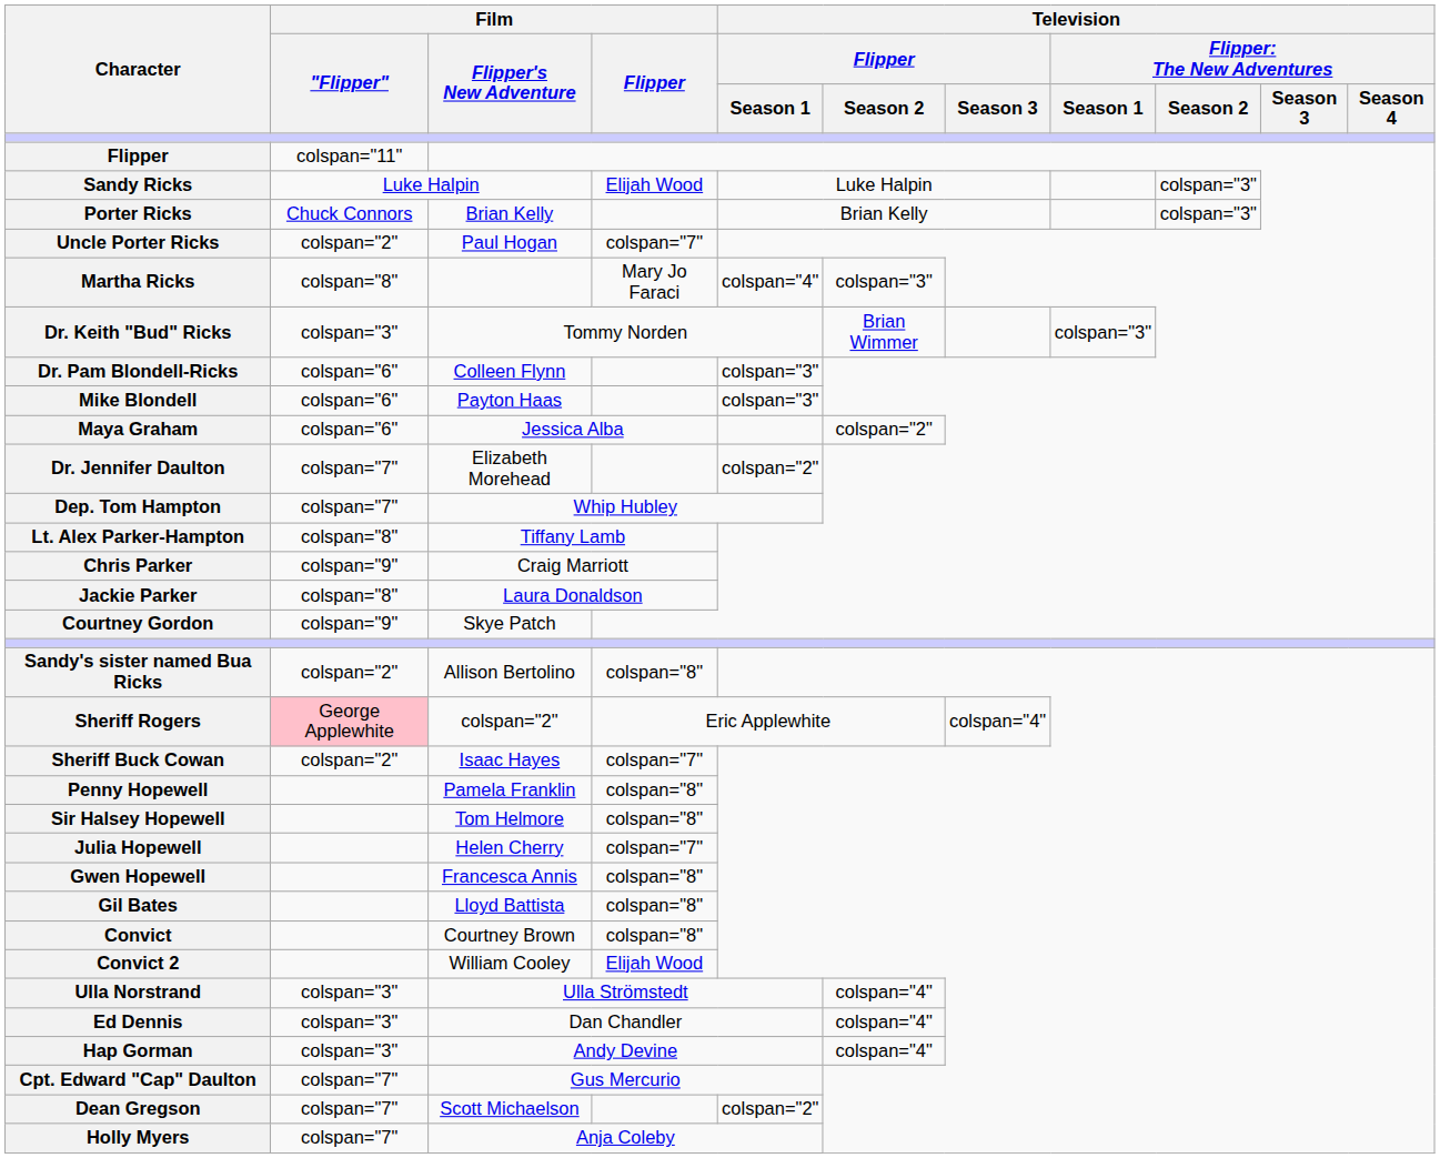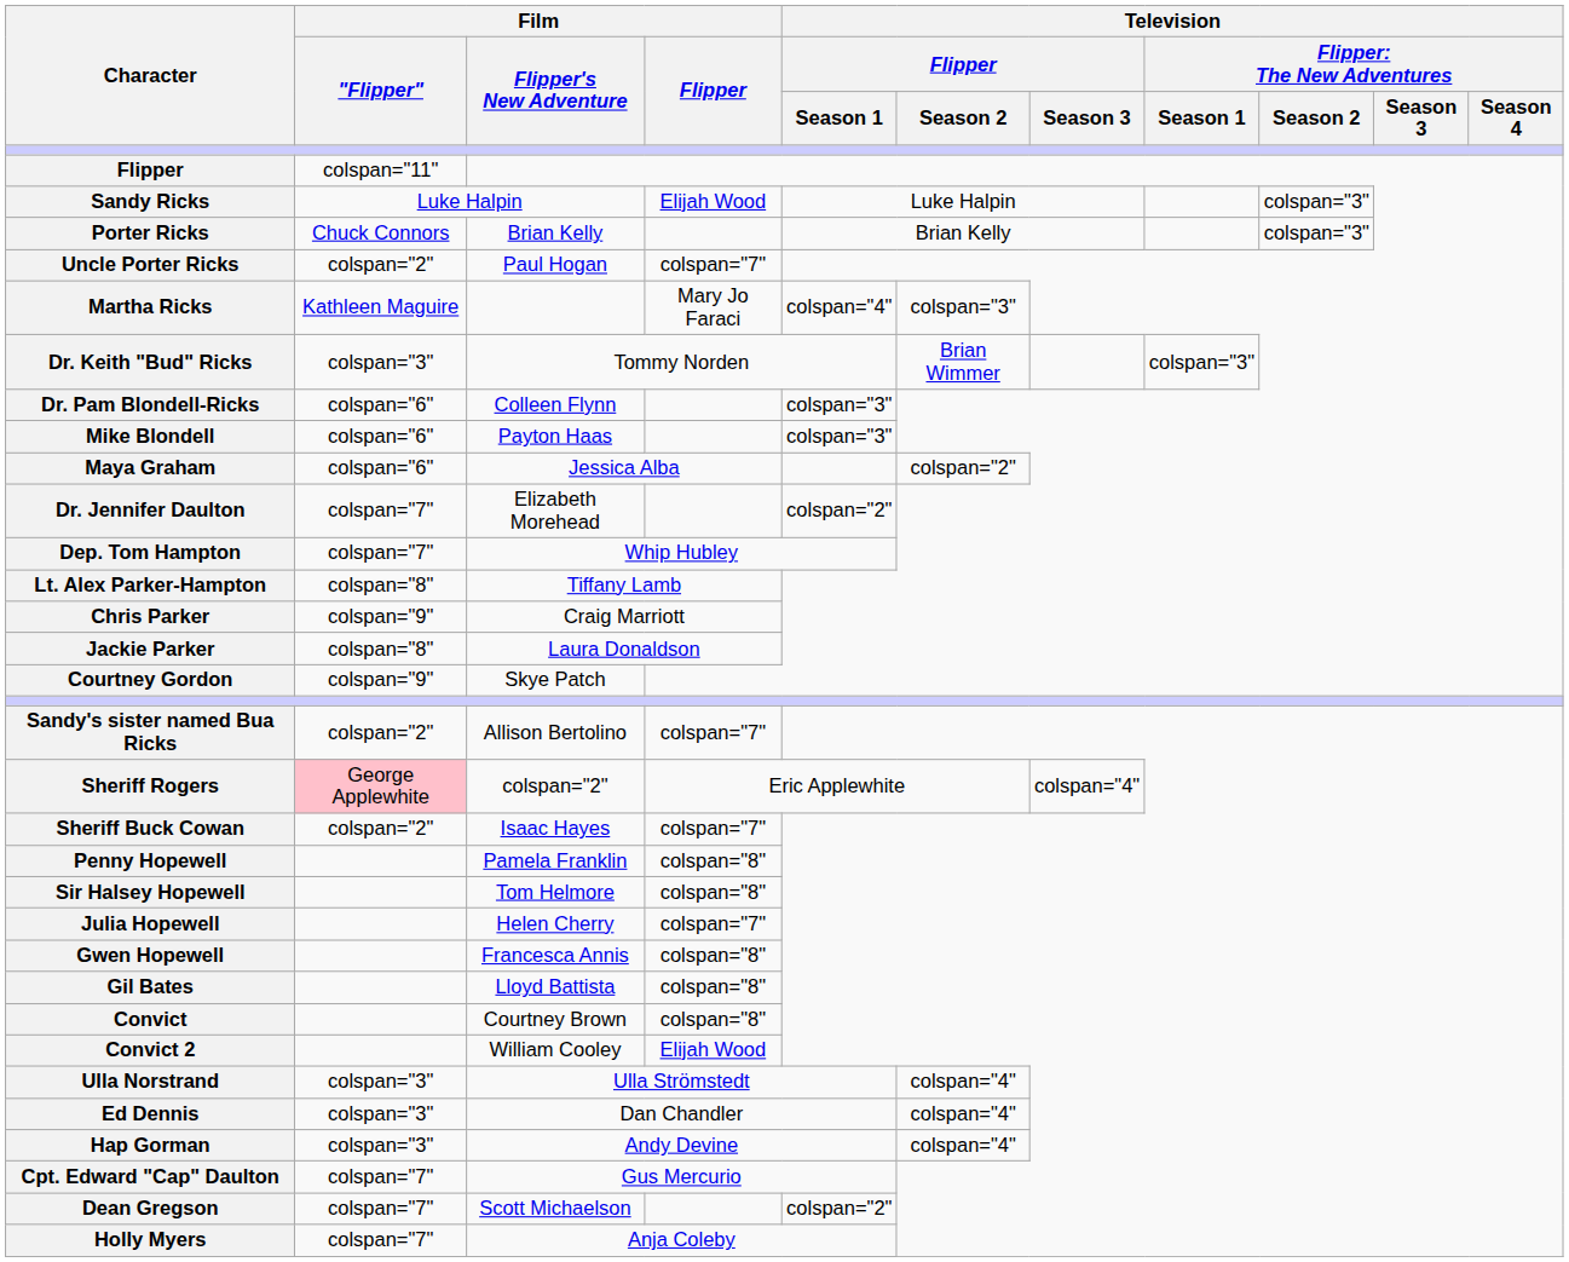 <table class="wikitable" style="text-align:center; width:99%;">
 <tr>
 <th rowspan="3">Character</th>
 <th colspan="3" style="text-align:center;">Film</th>
 <th style="text-align:center;"colspan="7">Television</th>
 </tr>
 <tr>
 <th style="text-align:center;" rowspan="2"><em><a href='#'>"Flipper"</a></em></th>
 <th style="text-align:center;" rowspan="2"><em><a href='#'>Flipper's <br>New Adventure</a></em></th>
 <th style="text-align:center;" rowspan="2"><em><a href='#'>Flipper</a></em></th>
 <th style="text-align:center;" colspan="3"><em><a href='#'>Flipper</a></em> <br></th>
 <th style="text-align:center;" colspan="4"><em><a href='#'>Flipper: <br>The New Adventures</a></em> <br></th>
 </tr>
 <tr>
 <th style="text-align:center;">Season 1</th>
 <th style="text-align:center;">Season 2</th>
 <th style="text-align:center;">Season 3</th>
 <th style="text-align:center;">Season 1</th>
 <th style="text-align:center;">Season 2</th>
 <th style="text-align:center;">Season 3</th>
 <th style="text-align:center;">Season 4</th>
 </tr>
 <tr>
 <th style="background-color:#ccccff;" colspan="11"></th>
 </tr>
 <tr>
 <th scope="row">Flipper</th>
 <td>colspan="11" </td>
 </tr>
 <tr>
 <th scope="row">Sandy Ricks</th>
 <td colspan="2"><a href='#'>Luke Halpin</a></td>
 <td><a href='#'>Elijah Wood</a></td>
 <td colspan="3">Luke Halpin</td>
 <td></td>
 <td>colspan="3" </td>
 </tr>
 <tr>
 <th scope="row">Porter Ricks</th>
 <td><a href='#'>Chuck Connors</a></td>
 <td><a href='#'>Brian Kelly</a></td>
 <td></td>
 <td colspan="3">Brian Kelly</td>
 <td></td>
 <td>colspan="3" </td>
 </tr>
 <tr>
 <th scope="row">Uncle Porter Ricks</th>
 <td>colspan="2" </td>
 <td><a href='#'>Paul Hogan</a></td>
 <td>colspan="7" </td>
 </tr>
 <tr>
 <th scope="row">Martha Ricks</th>
-<td>colspan="8" </td>
+<td><a href='#'>Kathleen Maguire</a></td>
 <td></td>
 <td>Mary Jo Faraci</td>
 <td>colspan="4" </td>
 <td>colspan="3" </td>
 </tr>
 <tr>
 <th scope="row">Dr. Keith "Bud" Ricks</th>
 <td>colspan="3" </td>
 <td colspan="3">Tommy Norden</td>
 <td><a href='#'>Brian Wimmer</a></td>
 <td></td>
 <td>colspan="3" </td>
 </tr>
 <tr>
 <th scope="row">Dr. Pam Blondell-Ricks</th>
 <td>colspan="6" </td>
 <td><a href='#'>Colleen Flynn</a></td>
 <td></td>
 <td>colspan="3" </td>
 </tr>
 <tr>
 <th scope="row">Mike Blondell</th>
 <td>colspan="6" </td>
 <td><a href='#'>Payton Haas</a></td>
 <td></td>
 <td>colspan="3" </td>
 </tr>
 <tr>
 <th scope="row">Maya Graham</th>
 <td>colspan="6" </td>
 <td colspan="2"><a href='#'>Jessica Alba</a></td>
 <td></td>
 <td>colspan="2" </td>
 </tr>
 <tr>
 <th scope="row">Dr. Jennifer Daulton</th>
 <td>colspan="7" </td>
 <td>Elizabeth Morehead</td>
 <td></td>
 <td>colspan="2" </td>
 </tr>
 <tr>
 <th scope="row">Dep. Tom Hampton</th>
 <td>colspan="7" </td>
 <td colspan="3"><a href='#'>Whip Hubley</a></td>
 </tr>
 <tr>
 <th scope="row">Lt. Alex Parker-Hampton</th>
 <td>colspan="8" </td>
 <td colspan="2"><a href='#'>Tiffany Lamb</a></td>
 </tr>
 <tr>
 <th scope="row">Chris Parker</th>
 <td>colspan="9" </td>
 <td colspan="2">Craig Marriott</td>
 </tr>
 <tr>
 <th scope="row">Jackie Parker</th>
 <td>colspan="8" </td>
 <td colspan="2"><a href='#'>Laura Donaldson</a></td>
 </tr>
 <tr>
 <th scope="row">Courtney Gordon</th>
 <td>colspan="9" </td>
 <td>Skye Patch</td>
 </tr>
 <tr>
 <th style="background-color:#ccccff;" colspan="11"></th>
 </tr>
 <tr>
 <th>Sandy's sister named Bua Ricks</th>
 <td>colspan="2" </td>
 <td>Allison Bertolino</td>
-<td>colspan="8" </td>
+<td>colspan="7" </td>
 </tr>
 <tr>
 <th>Sheriff Rogers</th>
 <td style="background: pink;">George Applewhite</td>
 <td>colspan="2" </td>
 <td colspan="3">Eric Applewhite</td>
 <td>colspan="4" </td>
 </tr>
 <tr>
 <th>Sheriff Buck Cowan</th>
 <td>colspan="2" </td>
 <td><a href='#'>Isaac Hayes</a></td>
 <td>colspan="7" </td>
 </tr>
 <tr>
 <th>Penny Hopewell</th>
 <td></td>
 <td><a href='#'>Pamela Franklin</a></td>
 <td>colspan="8" </td>
 </tr>
 <tr>
 <th>Sir Halsey Hopewell</th>
 <td></td>
 <td><a href='#'>Tom Helmore</a></td>
 <td>colspan="8" </td>
 </tr>
 <tr>
 <th>Julia Hopewell</th>
 <td></td>
 <td><a href='#'>Helen Cherry</a></td>
 <td>colspan="7" </td>
 </tr>
 <tr>
 <th>Gwen Hopewell</th>
 <td></td>
 <td><a href='#'>Francesca Annis</a></td>
 <td>colspan="8" </td>
 </tr>
 <tr>
 <th>Gil Bates</th>
 <td></td>
 <td><a href='#'>Lloyd Battista</a></td>
 <td>colspan="8" </td>
 </tr>
 <tr>
 <th>Convict</th>
 <td></td>
 <td>Courtney Brown</td>
 <td>colspan="8" </td>
 </tr>
 <tr>
 <th>Convict 2</th>
 <td></td>
 <td>William Cooley</td>
 <td><a href='#'>Elijah Wood</a></td>
 </tr>
 <tr>
 <th>Ulla Norstrand</th>
 <td>colspan="3" </td>
 <td colspan="3"><a href='#'>Ulla Strömstedt</a></td>
 <td>colspan="4" </td>
 </tr>
 <tr>
 <th>Ed Dennis</th>
 <td>colspan="3" </td>
 <td colspan="3">Dan Chandler</td>
 <td>colspan="4" </td>
 </tr>
 <tr>
 <th>Hap Gorman</th>
 <td>colspan="3" </td>
 <td colspan="3"><a href='#'>Andy Devine</a></td>
 <td>colspan="4" </td>
 </tr>
 <tr>
 <th scope="row">Cpt. Edward "Cap" Daulton</th>
 <td>colspan="7" </td>
 <td colspan="3"><a href='#'>Gus Mercurio</a></td>
 </tr>
 <tr>
 <th scope="row">Dean Gregson</th>
 <td>colspan="7" </td>
 <td><a href='#'>Scott Michaelson</a></td>
 <td></td>
 <td>colspan="2" </td>
 </tr>
 <tr>
 <th scope="row">Holly Myers</th>
 <td>colspan="7" </td>
 <td colspan="3"><a href='#'>Anja Coleby</a></td>
 </tr>
 <tr>
 </tr>
 </table>
